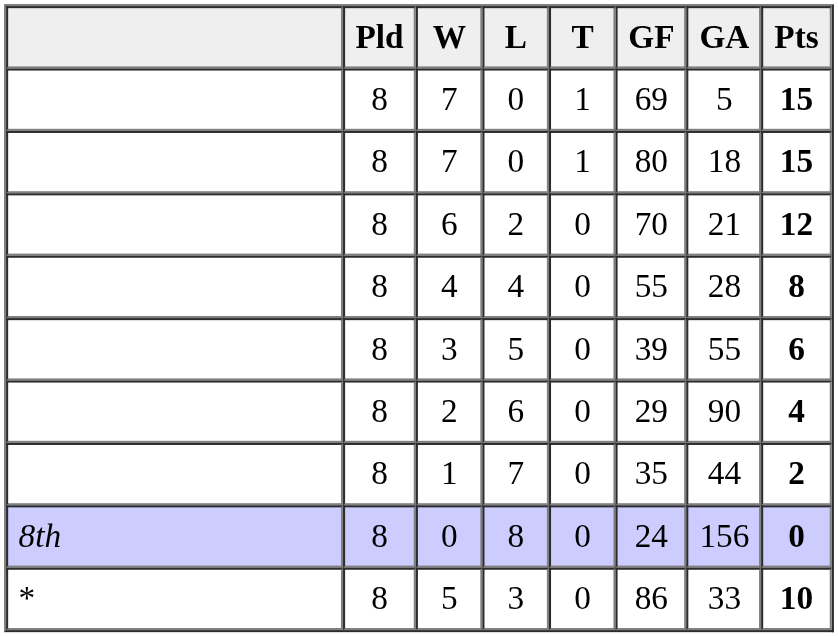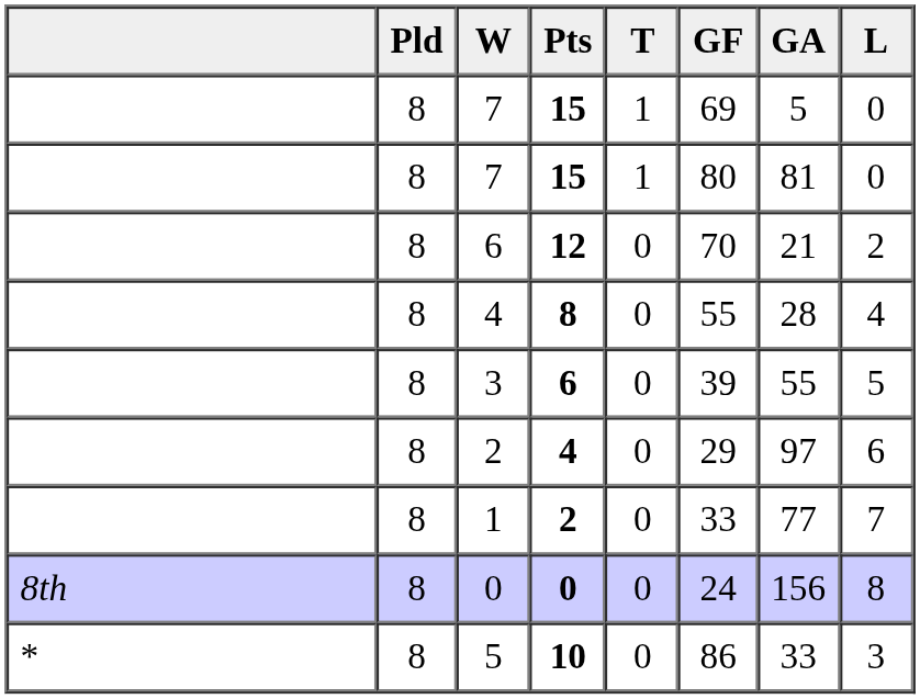 <table border=1 cellpadding=5 cellspacing=0>
 <tr>
 <th bgcolor="#efefef" width="150"></th>
 <th bgcolor="#efefef" width="20">Pld</th>
 <th bgcolor="#efefef" width="20">W</th>
-<th bgcolor="#efefef" width="20">L</th>
+<th bgcolor="#efefef" width="20">Pts</th>
 <th bgcolor="#efefef" width="20">T</th>
 <th bgcolor="#efefef" width="20">GF</th>
 <th bgcolor="#efefef" width="20">GA</th>
-<th bgcolor="#efefef" width="20">Pts</th>
+<th bgcolor="#efefef" width="20">L</th>
 </tr>
 <tr align=center>
 <td align=left></td>
 <td>8</td>
 <td>7</td>
-<td>0</td>
+<td><strong>15</strong></td>
 <td>1</td>
 <td>69</td>
 <td>5</td>
-<td><strong>15</strong></td>
+<td>0</td>
 </tr>
 <tr align=center>
 <td align=left></td>
 <td>8</td>
 <td>7</td>
-<td>0</td>
+<td><strong>15</strong></td>
 <td>1</td>
 <td>80</td>
-<td>18</td>
-<td><strong>15</strong></td>
+<td>81</td>
+<td>0</td>
 </tr>
 <tr align=center>
 <td align=left></td>
 <td>8</td>
 <td>6</td>
-<td>2</td>
+<td><strong>12</strong></td>
 <td>0</td>
 <td>70</td>
 <td>21</td>
-<td><strong>12</strong></td>
+<td>2</td>
 </tr>
 <tr align=center>
 <td align=left></td>
 <td>8</td>
 <td>4</td>
-<td>4</td>
+<td><strong>8</strong></td>
 <td>0</td>
 <td>55</td>
 <td>28</td>
-<td><strong>8</strong></td>
+<td>4</td>
 </tr>
 <tr align=center>
 <td align=left></td>
 <td>8</td>
 <td>3</td>
-<td>5</td>
+<td><strong>6</strong></td>
 <td>0</td>
 <td>39</td>
 <td>55</td>
-<td><strong>6</strong></td>
+<td>5</td>
 </tr>
 <tr align=center>
 <td align=left></td>
 <td>8</td>
 <td>2</td>
-<td>6</td>
+<td><strong>4</strong></td>
 <td>0</td>
 <td>29</td>
-<td>90</td>
-<td><strong>4</strong></td>
+<td>97</td>
+<td>6</td>
 </tr>
 <tr align=center>
 <td align=left></td>
 <td>8</td>
 <td>1</td>
+<td><strong>2</strong></td>
+<td>0</td>
+<td>33</td>
+<td>77</td>
 <td>7</td>
-<td>0</td>
-<td>35</td>
-<td>44</td>
-<td><strong>2</strong></td>
 </tr>
 <tr align=center bgcolor="ccccff">
 <td align=left> <em>8th</em></td>
 <td>8</td>
 <td>0</td>
-<td>8</td>
+<td><strong>0</strong></td>
 <td>0</td>
 <td>24</td>
 <td>156</td>
-<td><strong>0</strong></td>
+<td>8</td>
 </tr>
 <tr align=center>
 <td align=left> *</td>
 <td>8</td>
 <td>5</td>
-<td>3</td>
+<td><strong>10</strong></td>
 <td>0</td>
 <td>86</td>
 <td>33</td>
-<td><strong>10</strong></td>
+<td>3</td>
 </tr>
 </table>
